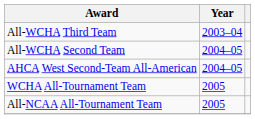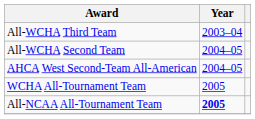 <table class="wikitable">
 <tr>
 <th>Award</th>
 <th>Year</th>
 <th></th>
 </tr>
 <tr>
 <td>All-<a href='#'>WCHA</a> <a href='#'>Third Team</a></td>
 <td><a href='#'>2003–04</a></td>
 <td></td>
 </tr>
 <tr>
 <td>All-<a href='#'>WCHA</a> <a href='#'>Second Team</a></td>
 <td><a href='#'>2004–05</a></td>
 <td></td>
 </tr>
 <tr>
 <td><a href='#'>AHCA</a> <a href='#'>West Second-Team All-American</a></td>
 <td><a href='#'>2004–05</a></td>
 <td></td>
 </tr>
 <tr>
 <td><a href='#'>WCHA</a> <a href='#'>All-Tournament Team</a></td>
 <td><a href='#'>2005</a></td>
 <td></td>
 </tr>
 <tr>
 <td>All-<a href='#'>NCAA</a> <a href='#'>All-Tournament Team</a></td>
-<td><a href='#'>2005</a></td>
+<td><strong><a href='#'>2005</a></strong></td>
 <td></td>
 </tr>
 <tr>
 </tr>
 </table>
